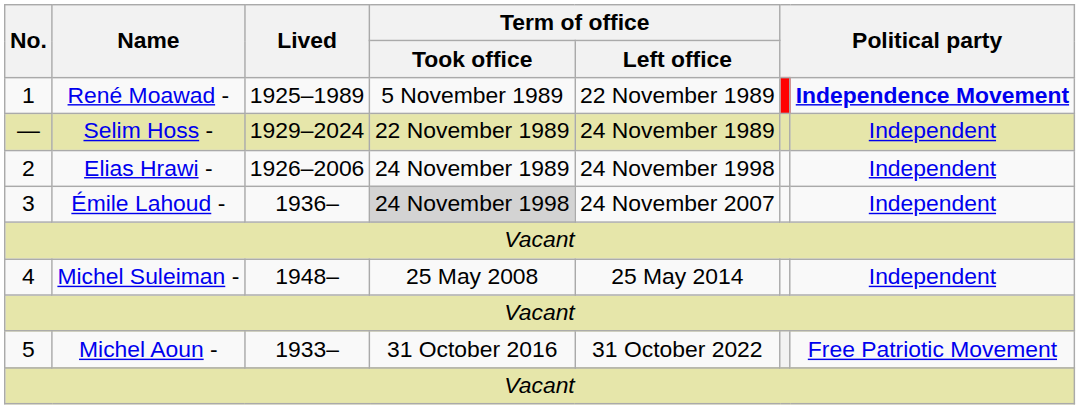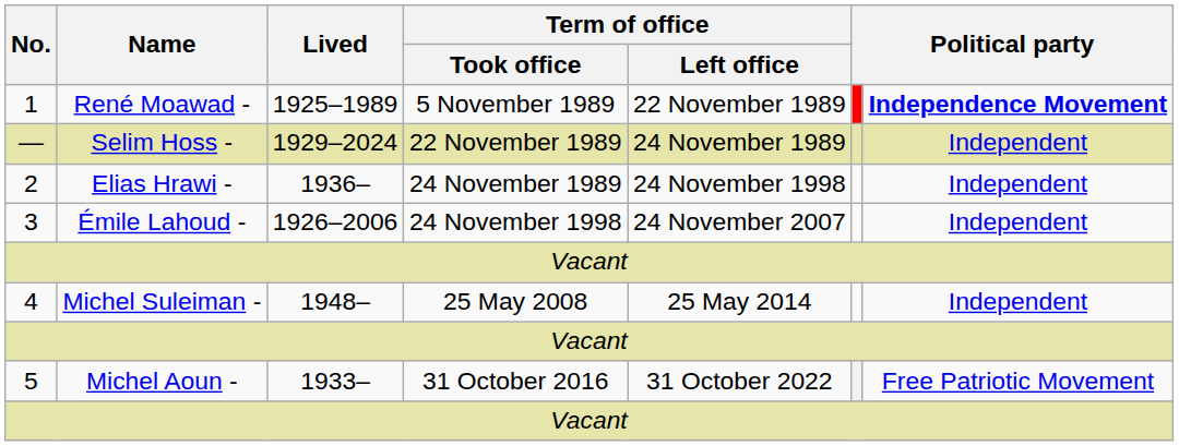 <table class="wikitable" style="text-align:center">
 <tr>
 <th rowspan="2">No.</th>
 <th rowspan="2">Name<br></th>
 <th rowspan="2">Lived</th>
 <th colspan="2">Term of office</th>
 <th colspan="2" rowspan="2">Political party</th>
 </tr>
 <tr>
 <th>Took office</th>
 <th>Left office</th>
 </tr>
 <tr>
 <td>1</td>
 <td><a href='#'>René Moawad</a> - </td>
 <td>1925–1989</td>
 <td>5 November 1989</td>
 <td>22 November 1989</td>
 <th style="background-color:red;"></th>
 <td><strong><a href='#'>Independence Movement</a></strong></td>
 </tr>
 <tr style="background-color:#E6E6AA">
 <td>—</td>
 <td><a href='#'>Selim Hoss</a> - </td>
 <td>1929–2024</td>
 <td>22 November 1989</td>
 <td>24 November 1989</td>
 <td></td>
 <td><a href='#'>Independent</a></td>
 </tr>
 <tr>
 <td>2</td>
 <td><a href='#'>Elias Hrawi</a> - </td>
-<td>1926–2006</td>
+<td>1936–</td>
 <td>24 November 1989</td>
 <td>24 November 1998</td>
 <td></td>
 <td><a href='#'>Independent</a></td>
 </tr>
 <tr>
 <td>3</td>
 <td><a href='#'>Émile Lahoud</a> - </td>
-<td>1936–</td>
-<td style="background: lightgrey;">24 November 1998</td>
+<td>1926–2006</td>
+<td>24 November 1998</td>
 <td>24 November 2007</td>
 <td></td>
 <td><a href='#'>Independent</a></td>
 </tr>
 <tr style="background-color:#E6E6AA">
 <td colspan="7"><em>Vacant</em></td>
 </tr>
 <tr>
 <td>4</td>
 <td><a href='#'>Michel Suleiman</a> - </td>
 <td>1948–</td>
 <td>25 May 2008</td>
 <td>25 May 2014</td>
 <td></td>
 <td><a href='#'>Independent</a></td>
 </tr>
 <tr style="background-color:#E6E6AA">
 <td colspan="7"><em>Vacant</em></td>
 </tr>
 <tr>
 <td>5</td>
 <td><a href='#'>Michel Aoun</a> - </td>
 <td>1933–</td>
 <td>31 October 2016</td>
 <td>31 October 2022</td>
 <th style="background-color:"></th>
 <td><a href='#'>Free Patriotic Movement</a></td>
 </tr>
 <tr style="background-color:#E6E6AA">
 <td colspan="7"><em>Vacant</em></td>
 </tr>
 </table>
